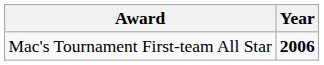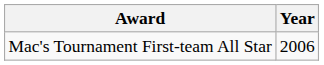 <table class="wikitable">
 <tr>
 <th>Award</th>
 <th>Year</th>
 </tr>
 <tr>
 <td>Mac's Tournament First-team All Star</td>
-<td><strong>2006</strong></td>
+<td>2006</td>
 </tr>
 </table>
